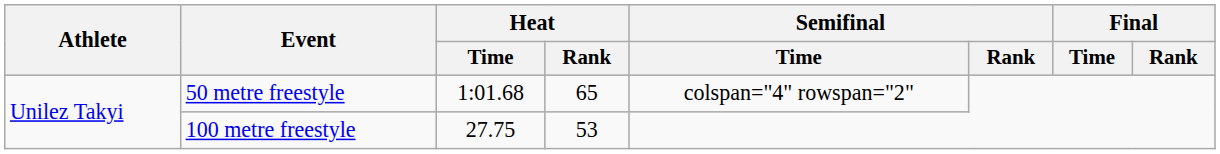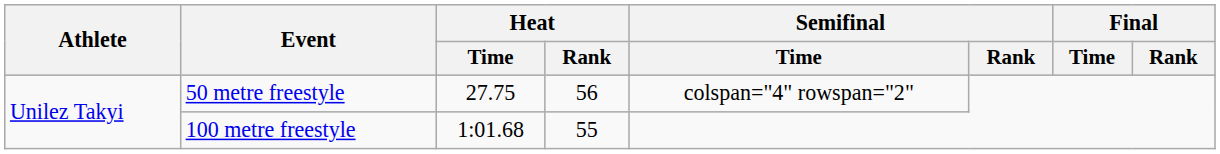 <table class="wikitable" style="text-align:center; font-size:90%; width:50%;">
 <tr>
 <th rowspan="2">Athlete</th>
 <th rowspan="2">Event</th>
 <th colspan="2">Heat</th>
 <th colspan="2">Semifinal</th>
 <th colspan="2">Final</th>
 </tr>
 <tr style="font-size:95%">
 <th>Time</th>
 <th>Rank</th>
 <th>Time</th>
 <th>Rank</th>
 <th>Time</th>
 <th>Rank</th>
 </tr>
 <tr>
 <td align=left rowspan=2><a href='#'>Unilez Takyi</a></td>
 <td align=left><a href='#'>50 metre freestyle</a></td>
-<td>1:01.68</td>
-<td>65</td>
+<td>27.75</td>
+<td>56</td>
 <td>colspan="4" rowspan="2" </td>
 </tr>
 <tr>
 <td align=left><a href='#'>100 metre freestyle</a></td>
-<td>27.75</td>
-<td>53</td>
+<td>1:01.68</td>
+<td>55</td>
 </tr>
 </table>
